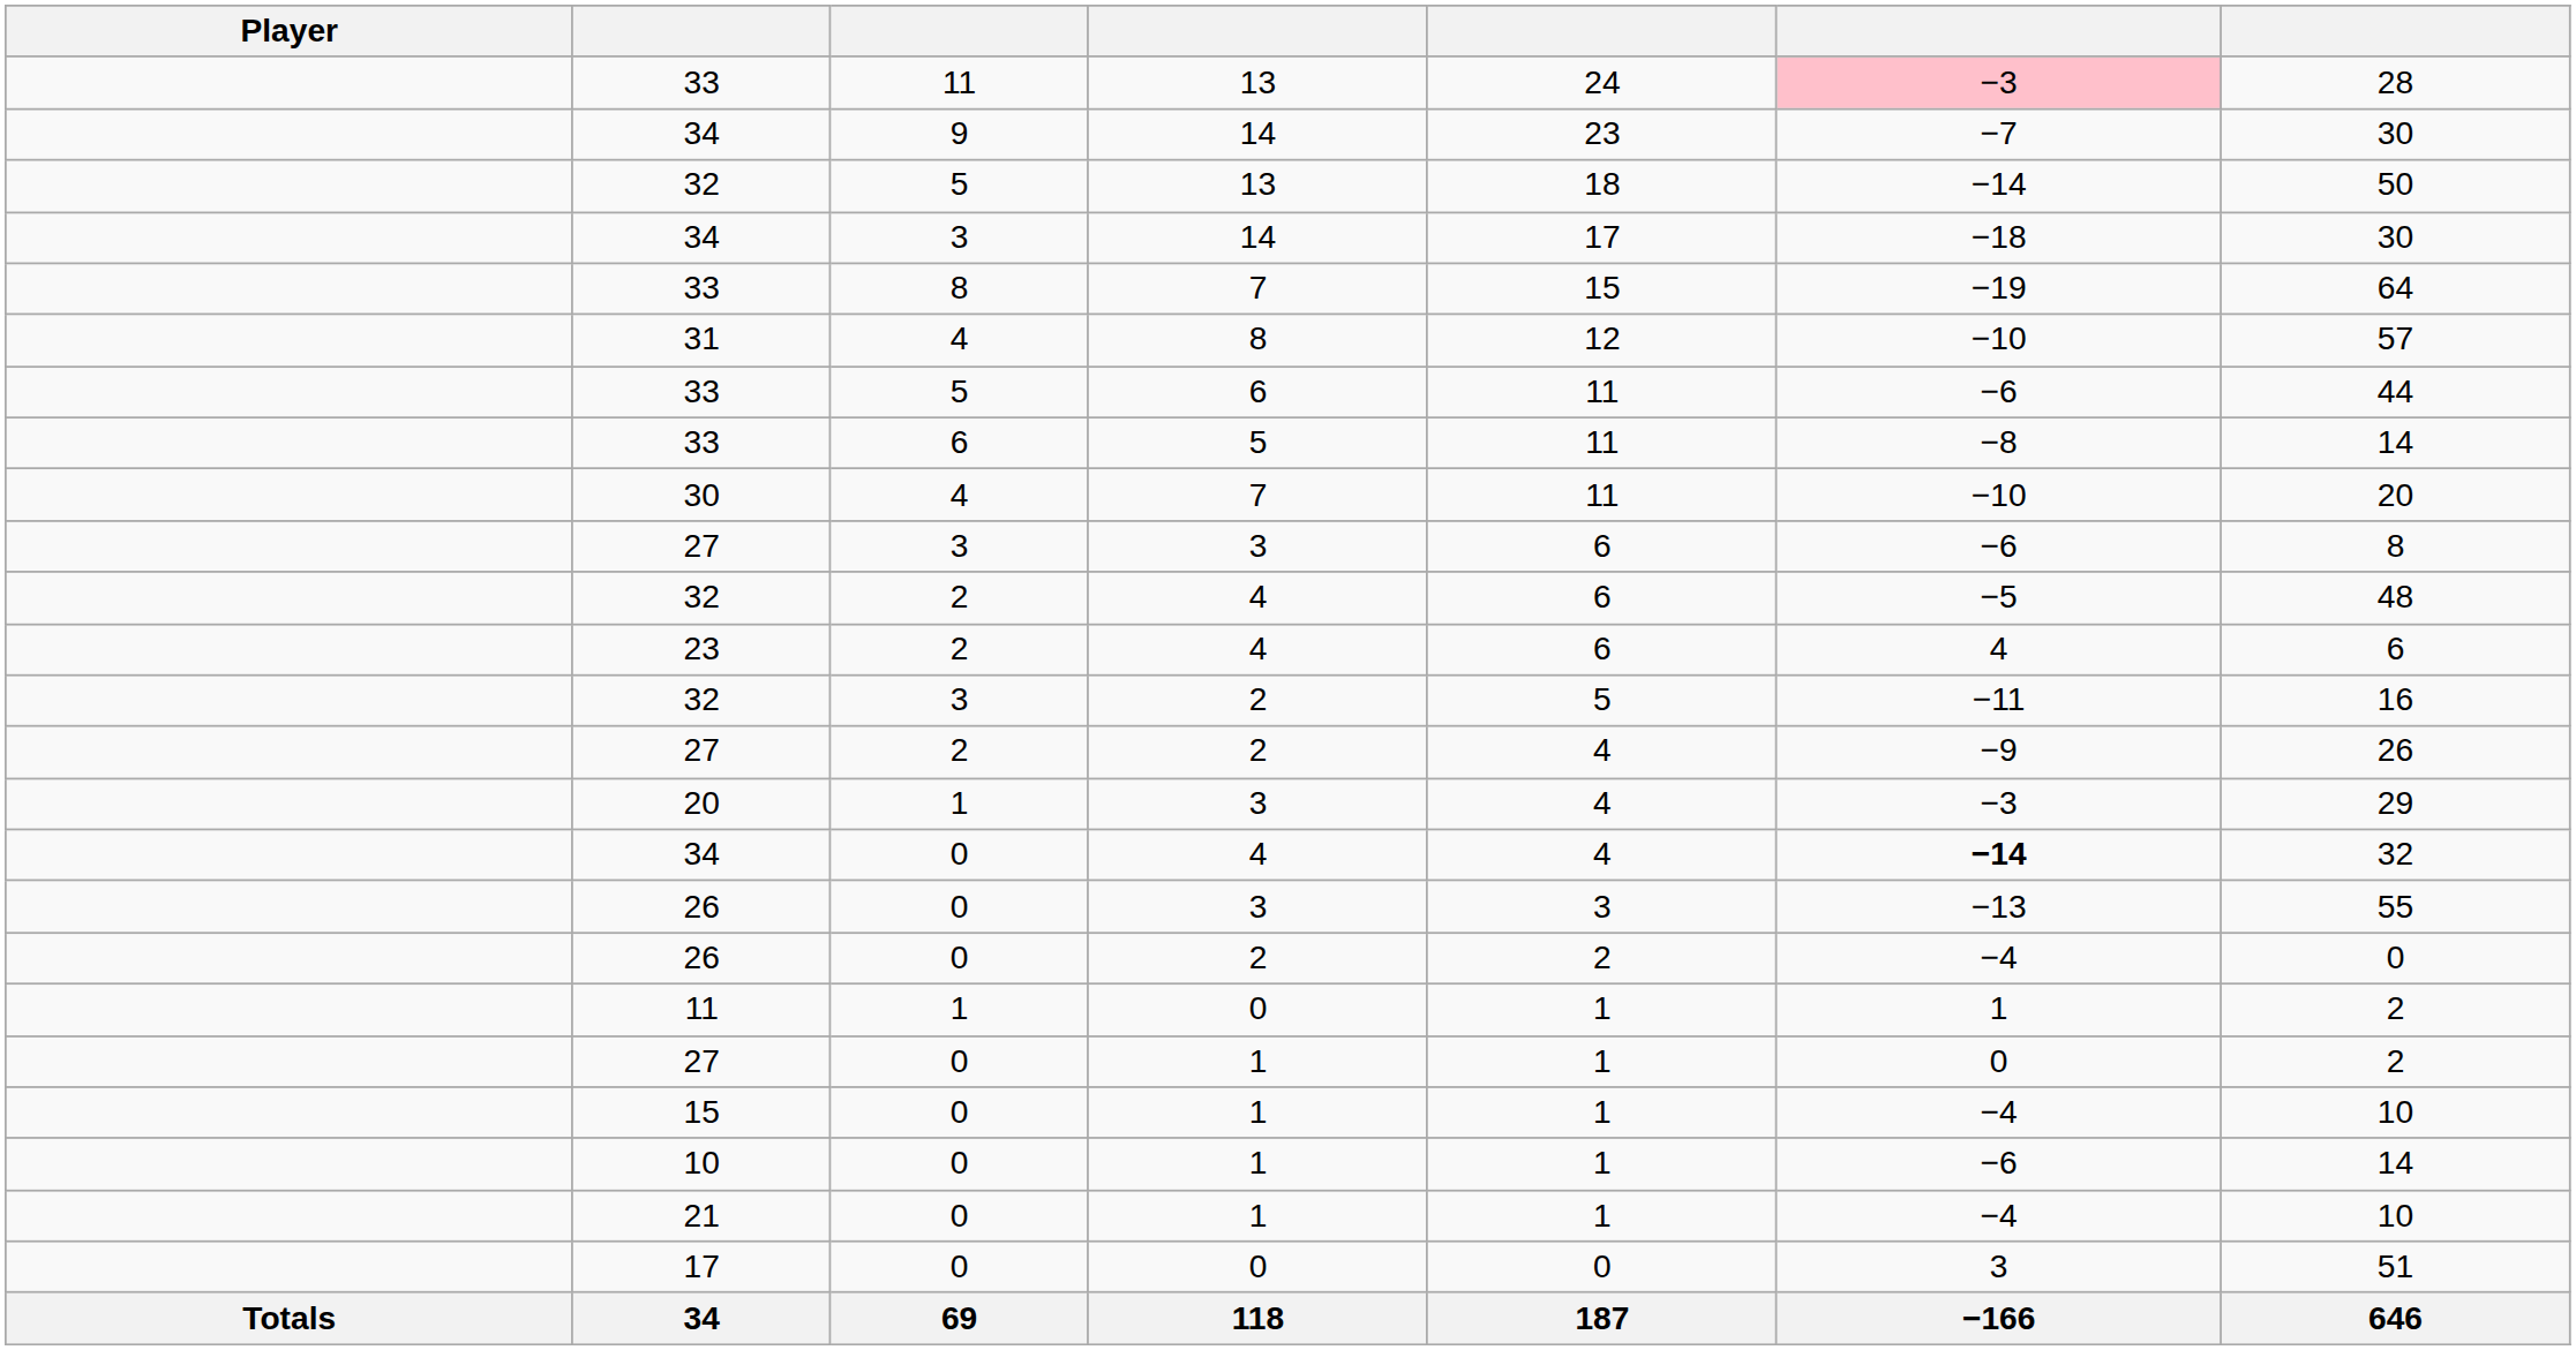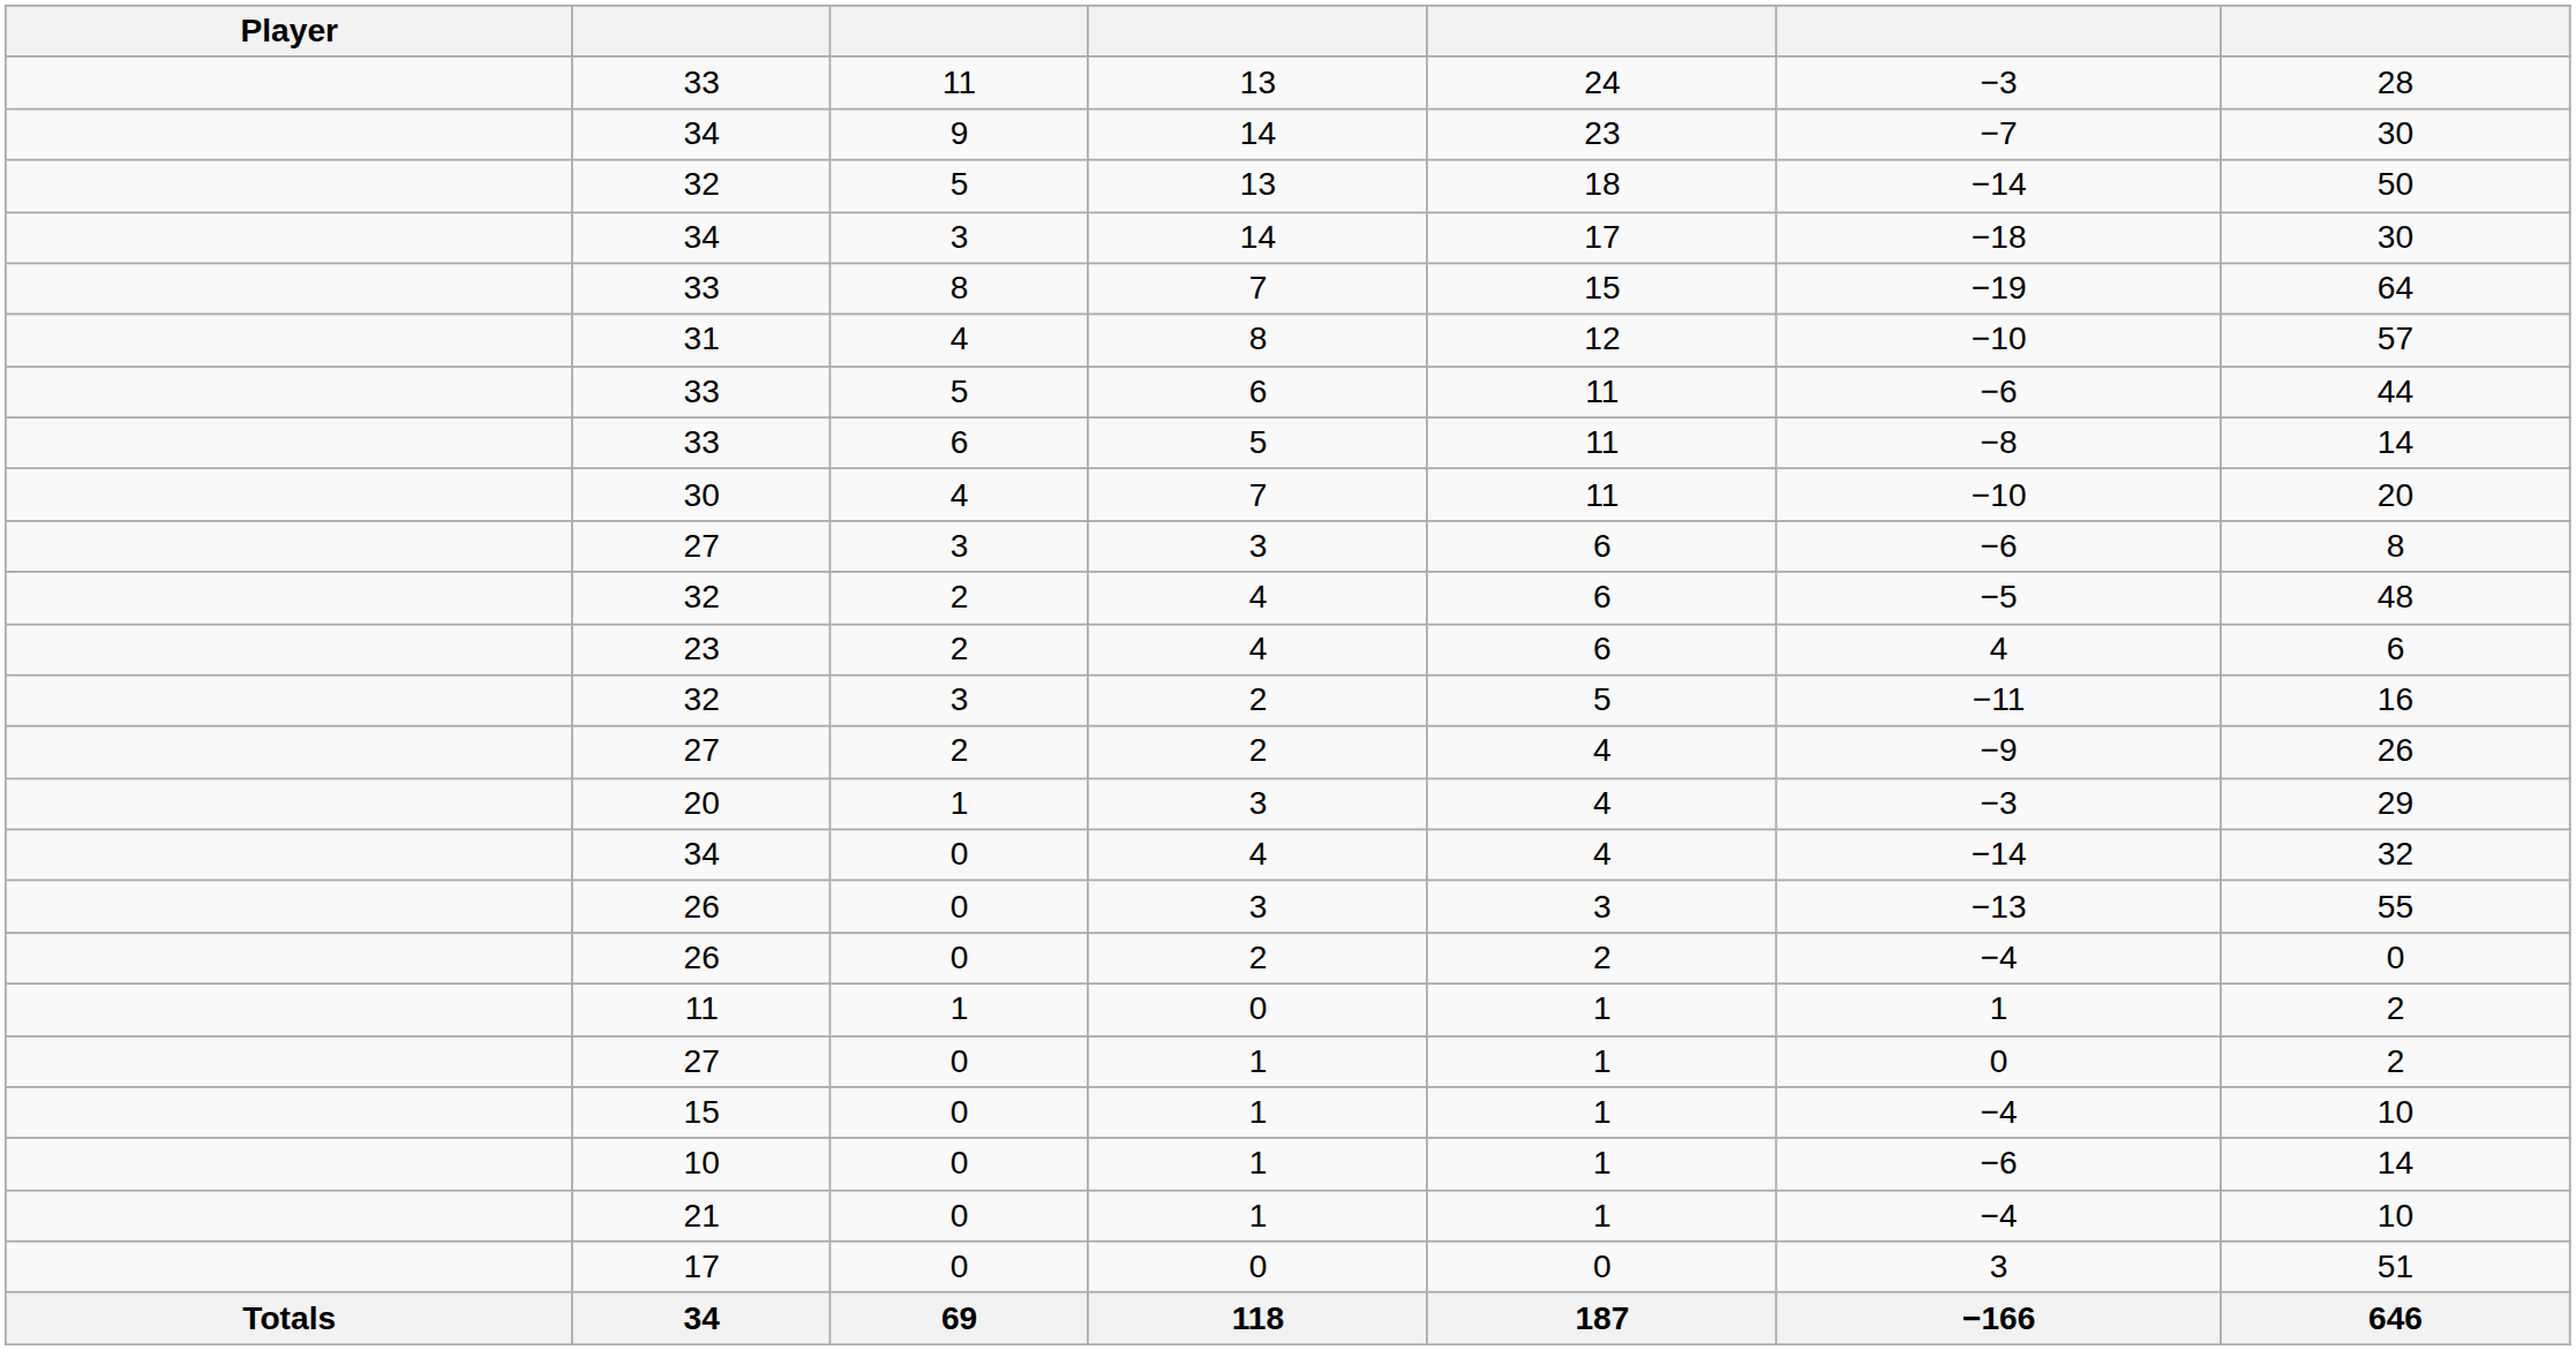 <table class="wikitable sortable" style="width:100%;">
 <tr align=center>
 <th>Player</th>
 <th></th>
 <th></th>
 <th></th>
 <th></th>
 <th data-sort-type="number"></th>
 <th></th>
 </tr>
 <tr align=center>
 <td></td>
 <td>33</td>
 <td>11</td>
 <td>13</td>
 <td>24</td>
-<td style="background: pink;">−3</td>
+<td>−3</td>
 <td>28</td>
 </tr>
 <tr align=center>
 <td></td>
 <td>34</td>
 <td>9</td>
 <td>14</td>
 <td>23</td>
 <td>−7</td>
 <td>30</td>
 </tr>
 <tr align=center>
 <td></td>
 <td>32</td>
 <td>5</td>
 <td>13</td>
 <td>18</td>
 <td>−14</td>
 <td>50</td>
 </tr>
 <tr align=center>
 <td></td>
 <td>34</td>
 <td>3</td>
 <td>14</td>
 <td>17</td>
 <td>−18</td>
 <td>30</td>
 </tr>
 <tr align=center>
 <td></td>
 <td>33</td>
 <td>8</td>
 <td>7</td>
 <td>15</td>
 <td>−19</td>
 <td>64</td>
 </tr>
 <tr align=center>
 <td></td>
 <td>31</td>
 <td>4</td>
 <td>8</td>
 <td>12</td>
 <td>−10</td>
 <td>57</td>
 </tr>
 <tr align=center>
 <td></td>
 <td>33</td>
 <td>5</td>
 <td>6</td>
 <td>11</td>
 <td>−6</td>
 <td>44</td>
 </tr>
 <tr align=center>
 <td></td>
 <td>33</td>
 <td>6</td>
 <td>5</td>
 <td>11</td>
 <td>−8</td>
 <td>14</td>
 </tr>
 <tr align=center>
 <td></td>
 <td>30</td>
 <td>4</td>
 <td>7</td>
 <td>11</td>
 <td>−10</td>
 <td>20</td>
 </tr>
 <tr align=center>
 <td></td>
 <td>27</td>
 <td>3</td>
 <td>3</td>
 <td>6</td>
 <td>−6</td>
 <td>8</td>
 </tr>
 <tr align=center>
 <td></td>
 <td>32</td>
 <td>2</td>
 <td>4</td>
 <td>6</td>
 <td>−5</td>
 <td>48</td>
 </tr>
 <tr align=center>
 <td></td>
 <td>23</td>
 <td>2</td>
 <td>4</td>
 <td>6</td>
 <td>4</td>
 <td>6</td>
 </tr>
 <tr align=center>
 <td></td>
 <td>32</td>
 <td>3</td>
 <td>2</td>
 <td>5</td>
 <td>−11</td>
 <td>16</td>
 </tr>
 <tr align=center>
 <td></td>
 <td>27</td>
 <td>2</td>
 <td>2</td>
 <td>4</td>
 <td>−9</td>
 <td>26</td>
 </tr>
 <tr align=center>
 <td></td>
 <td>20</td>
 <td>1</td>
 <td>3</td>
 <td>4</td>
 <td>−3</td>
 <td>29</td>
 </tr>
 <tr align=center>
 <td></td>
 <td>34</td>
 <td>0</td>
 <td>4</td>
 <td>4</td>
-<td><strong>−14</strong></td>
+<td>−14</td>
 <td>32</td>
 </tr>
 <tr align=center>
 <td></td>
 <td>26</td>
 <td>0</td>
 <td>3</td>
 <td>3</td>
 <td>−13</td>
 <td>55</td>
 </tr>
 <tr align=center>
 <td></td>
 <td>26</td>
 <td>0</td>
 <td>2</td>
 <td>2</td>
 <td>−4</td>
 <td>0</td>
 </tr>
 <tr align=center>
 <td></td>
 <td>11</td>
 <td>1</td>
 <td>0</td>
 <td>1</td>
 <td>1</td>
 <td>2</td>
 </tr>
 <tr align=center>
 <td></td>
 <td>27</td>
 <td>0</td>
 <td>1</td>
 <td>1</td>
 <td>0</td>
 <td>2</td>
 </tr>
 <tr align=center>
 <td></td>
 <td>15</td>
 <td>0</td>
 <td>1</td>
 <td>1</td>
 <td>−4</td>
 <td>10</td>
 </tr>
 <tr align=center>
 <td></td>
 <td>10</td>
 <td>0</td>
 <td>1</td>
 <td>1</td>
 <td>−6</td>
 <td>14</td>
 </tr>
 <tr align=center>
 <td></td>
 <td>21</td>
 <td>0</td>
 <td>1</td>
 <td>1</td>
 <td>−4</td>
 <td>10</td>
 </tr>
 <tr align=center>
 <td></td>
 <td>17</td>
 <td>0</td>
 <td>0</td>
 <td>0</td>
 <td>3</td>
 <td>51</td>
 </tr>
 <tr class="unsortable">
 <th>Totals</th>
 <th>34</th>
 <th>69</th>
 <th>118</th>
 <th>187</th>
 <th>−166</th>
 <th>646</th>
 </tr>
 <tr>
 </tr>
 </table>
